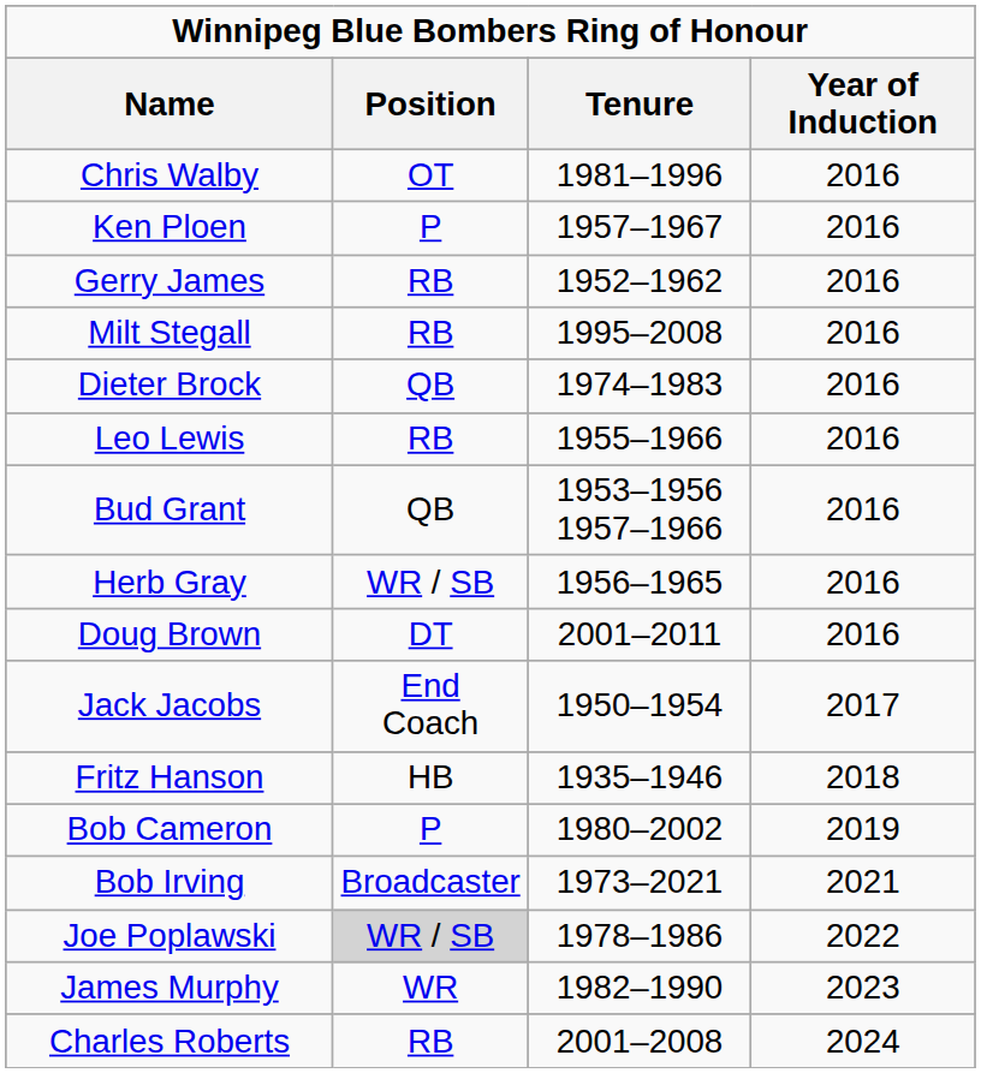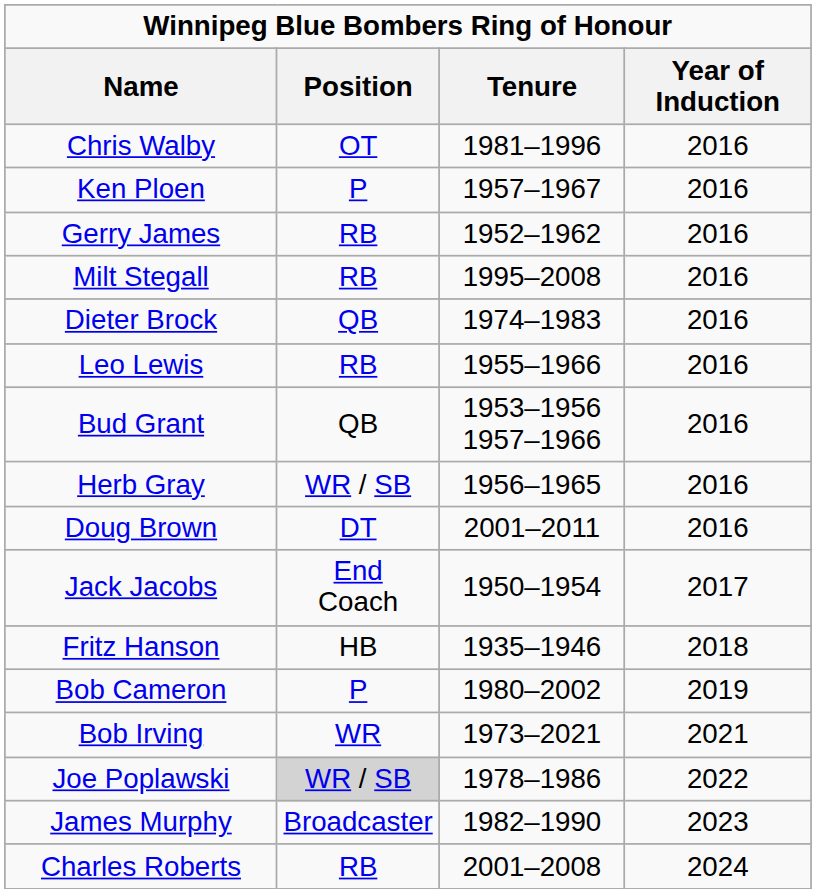 <table class="wikitable sortable" style="text-align:center">
 <tr>
 <td colspan="5"><strong>Winnipeg Blue Bombers Ring of Honour</strong></td>
 </tr>
 <tr>
 <th width="150">Name</th>
 <th width="40">Position</th>
 <th width="100">Tenure</th>
 <th width="100">Year of Induction</th>
 </tr>
 <tr>
 <td><a href='#'>Chris Walby</a></td>
 <td><a href='#'>OT</a></td>
 <td>1981–1996</td>
 <td>2016</td>
 </tr>
 <tr>
 <td><a href='#'>Ken Ploen</a></td>
 <td><a href='#'>P</a></td>
 <td>1957–1967</td>
 <td>2016</td>
 </tr>
 <tr>
 <td><a href='#'>Gerry James</a></td>
 <td><a href='#'>RB</a></td>
 <td>1952–1962</td>
 <td>2016</td>
 </tr>
 <tr>
 <td><a href='#'>Milt Stegall</a></td>
 <td><a href='#'>RB</a></td>
 <td>1995–2008</td>
 <td>2016</td>
 </tr>
 <tr>
 <td><a href='#'>Dieter Brock</a></td>
 <td><a href='#'>QB</a></td>
 <td>1974–1983</td>
 <td>2016</td>
 </tr>
 <tr>
 <td><a href='#'>Leo Lewis</a></td>
 <td><a href='#'>RB</a></td>
 <td>1955–1966</td>
 <td>2016</td>
 </tr>
 <tr>
 <td><a href='#'>Bud Grant</a></td>
 <td>QB</td>
 <td>1953–1956<br>1957–1966</td>
 <td>2016</td>
 </tr>
 <tr>
 <td><a href='#'>Herb Gray</a></td>
 <td><a href='#'>WR</a> / <a href='#'>SB</a></td>
 <td>1956–1965</td>
 <td>2016</td>
 </tr>
 <tr>
 <td><a href='#'>Doug Brown</a></td>
 <td><a href='#'>DT</a></td>
 <td>2001–2011</td>
 <td>2016</td>
 </tr>
 <tr>
 <td><a href='#'>Jack Jacobs</a></td>
 <td><a href='#'>End</a><br> Coach</td>
 <td>1950–1954</td>
 <td>2017</td>
 </tr>
 <tr>
 <td><a href='#'>Fritz Hanson</a></td>
 <td>HB</td>
 <td>1935–1946</td>
 <td>2018</td>
 </tr>
 <tr>
 <td><a href='#'>Bob Cameron</a></td>
 <td><a href='#'>P</a></td>
 <td>1980–2002</td>
 <td>2019</td>
 </tr>
 <tr>
 <td><a href='#'>Bob Irving</a></td>
-<td><a href='#'>Broadcaster</a></td>
+<td><a href='#'>WR</a></td>
 <td>1973–2021</td>
 <td>2021</td>
 </tr>
 <tr>
 <td><a href='#'>Joe Poplawski</a></td>
 <td style="background: lightgrey;"><a href='#'>WR</a> / <a href='#'>SB</a></td>
 <td>1978–1986</td>
 <td>2022</td>
 </tr>
 <tr>
 <td><a href='#'>James Murphy</a></td>
-<td><a href='#'>WR</a></td>
+<td><a href='#'>Broadcaster</a></td>
 <td>1982–1990</td>
 <td>2023</td>
 </tr>
 <tr>
 <td><a href='#'>Charles Roberts</a></td>
 <td><a href='#'>RB</a></td>
 <td>2001–2008</td>
 <td>2024</td>
 </tr>
 </table>
